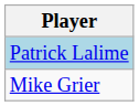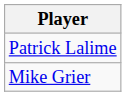 <table class="wikitable">
 <tr>
 <th>Player</th>
 </tr>
 <tr>
-<td style="background: lightblue;"><a href='#'>Patrick Lalime</a></td>
+<td><a href='#'>Patrick Lalime</a></td>
 </tr>
 <tr>
 <td><a href='#'>Mike Grier</a></td>
 </tr>
 </table>
